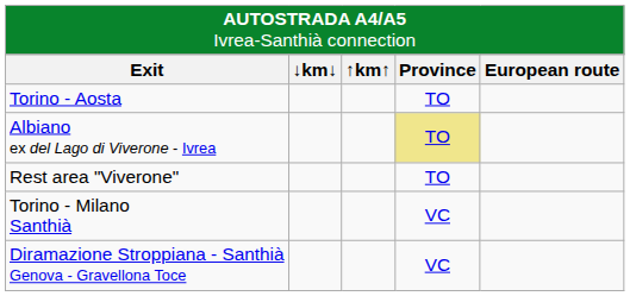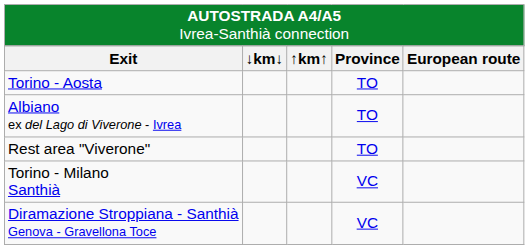 <table class="wikitable">
 <tr align="center" style="color: white;font-size:100%;" bgcolor="#08842c">
 <td colspan="6"><strong> AUTOSTRADA A4/A5</strong><br>Ivrea-Santhià connection</td>
 </tr>
 <tr>
 </tr>
 <tr>
 <th><strong>Exit</strong></th>
 <th align="center"><strong>↓km↓</strong></th>
 <th align="center"><strong>↑km↑</strong></th>
 <th align="center"><strong>Province</strong></th>
 <th align="center"><strong>European route</strong></th>
 </tr>
 <tr>
 <td>   <a href='#'>Torino - Aosta</a></td>
 <td align="right"></td>
 <td align="right"></td>
 <td align="center"><a href='#'>TO</a></td>
 <td align="center"></td>
 </tr>
 <tr>
 <td> <a href='#'>Albiano</a><br><small> ex  <em>del Lago di Viverone</em> - <a href='#'>Ivrea</a> </small></td>
 <td align="right"></td>
 <td align="right"></td>
-<td align="center" style="background: khaki;"><a href='#'>TO</a></td>
+<td align="center"><a href='#'>TO</a></td>
 <td align="center"></td>
 </tr>
 <tr>
 <td> Rest area "Viverone"</td>
 <td align="right"></td>
 <td align="right"></td>
 <td align="center"><a href='#'>TO</a></td>
 <td align="center"></td>
 </tr>
 <tr>
 <td>   Torino - Milano <br> <a href='#'>Santhià</a></td>
 <td align="right"></td>
 <td align="right"></td>
 <td align="center"><a href='#'>VC</a></td>
 <td align="center"></td>
 </tr>
 <tr>
 <td>   <a href='#'>Diramazione Stroppiana - Santhià</a><br><small>  <a href='#'>Genova - Gravellona Toce</a></small></td>
 <td align="right"></td>
 <td align="right"></td>
 <td align="center"><a href='#'>VC</a></td>
 <td align="center"></td>
 </tr>
 </table>
